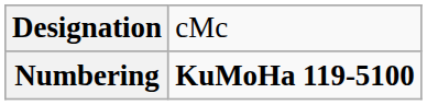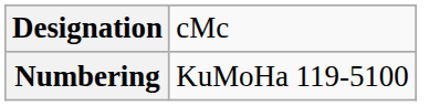 <table class="wikitable">
 <tr>
 <th>Designation</th>
 <td>cMc</td>
 </tr>
 <tr>
 <th>Numbering</th>
-<td><strong>KuMoHa 119-5100</strong></td>
+<td>KuMoHa 119-5100</td>
 </tr>
 </table>
